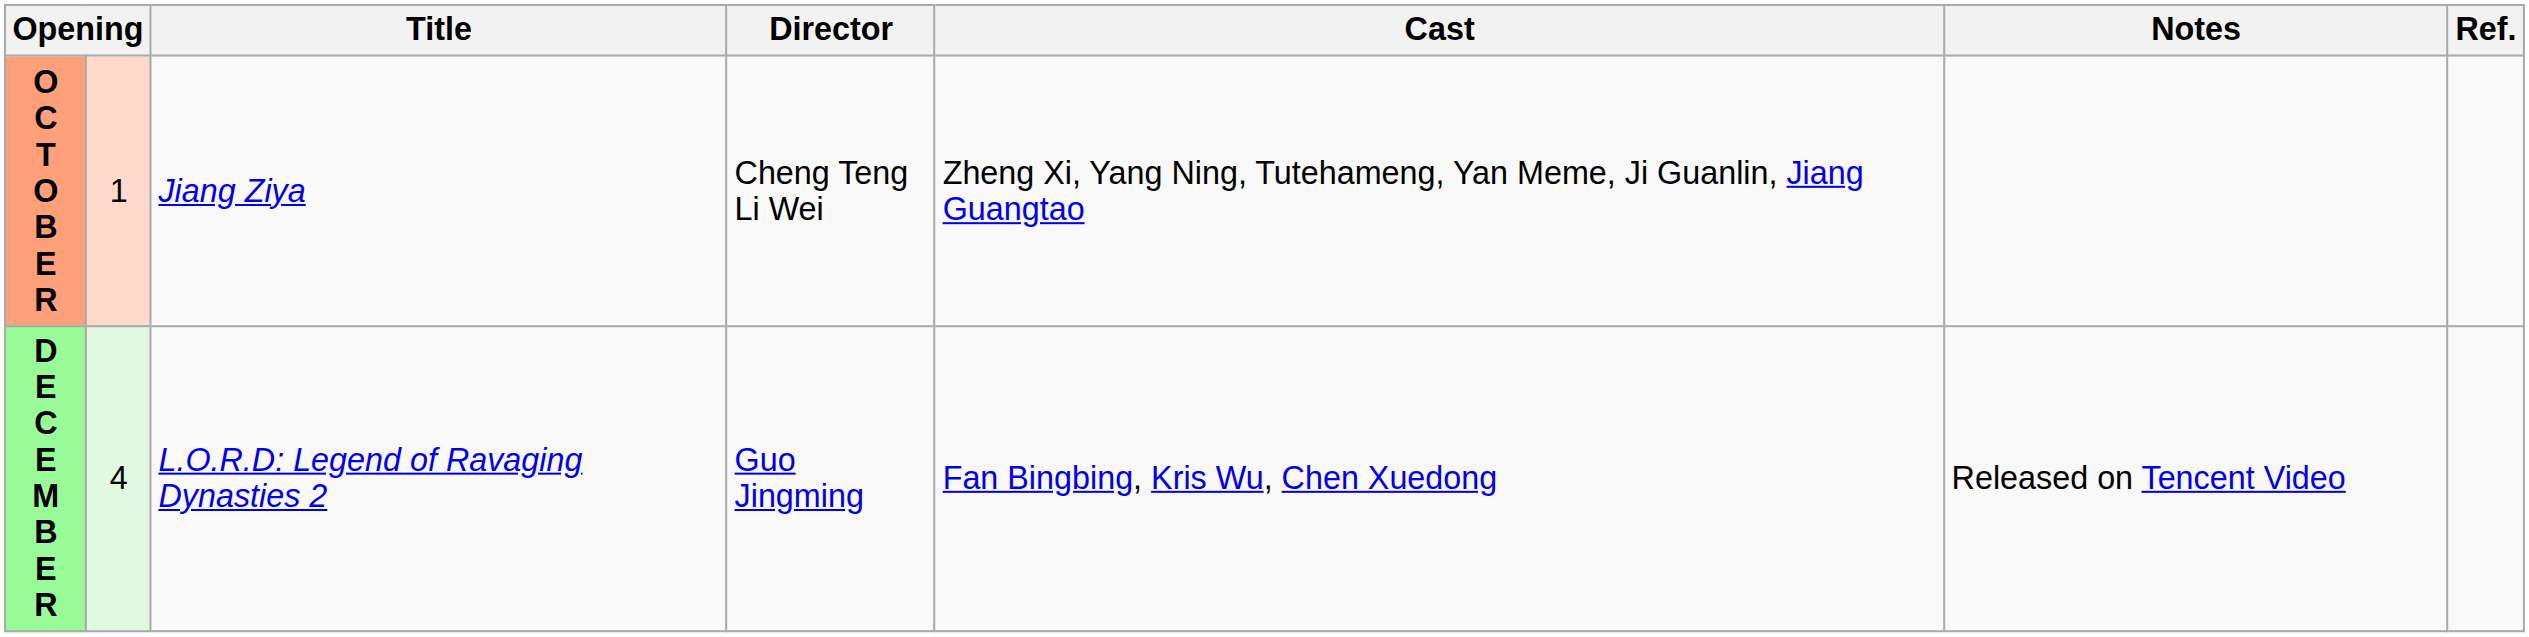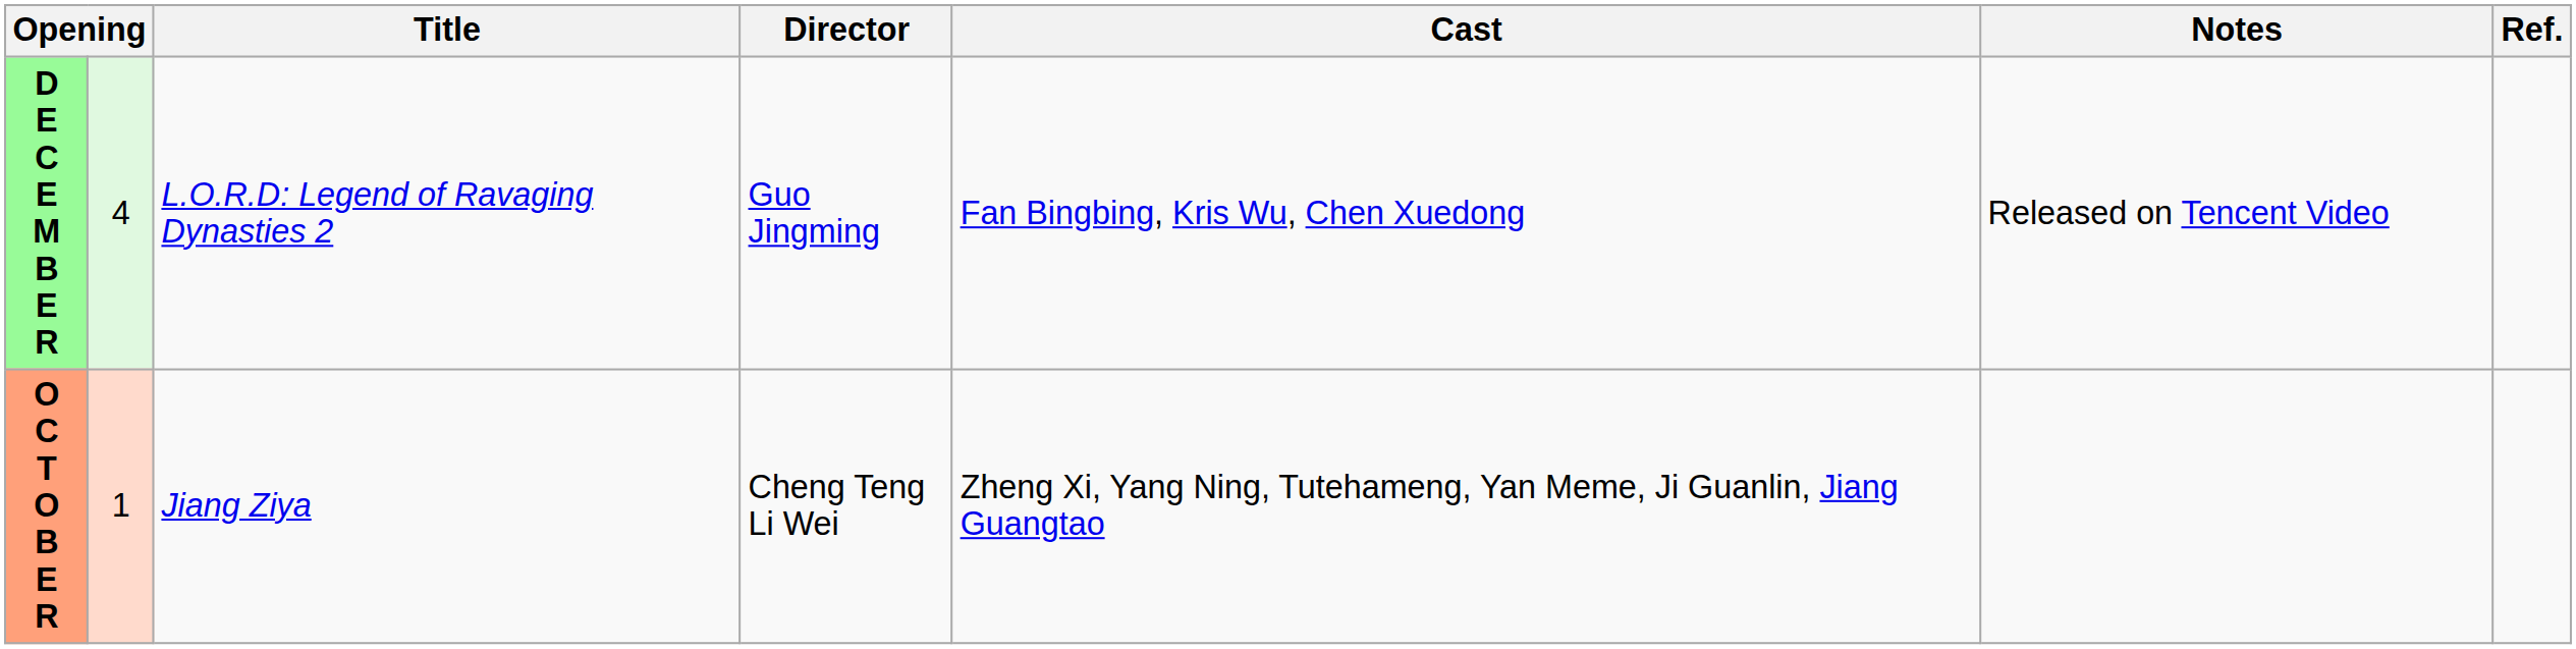 <table class="wikitable">
 <tr>
 <th colspan="2">Opening</th>
 <th>Title</th>
 <th>Director</th>
 <th>Cast</th>
 <th style="width:20%">Notes</th>
 <th>Ref.</th>
 </tr>
 <tr>
+<td style="text-align:center; background:#98fb98; textcolor:#000;"><strong>D<br>E<br>C<br>E<br>M<br>B<br>E<br>R</strong></td>
+<td style="text-align:center; background:#e0f9e0; textcolor:000;">4</td>
+<td><em><a href='#'>L.O.R.D: Legend of Ravaging Dynasties 2</a></em></td>
+<td><a href='#'>Guo Jingming</a></td>
+<td><a href='#'>Fan Bingbing</a>, <a href='#'>Kris Wu</a>, <a href='#'>Chen Xuedong</a></td>
+<td>Released on <a href='#'>Tencent Video</a></td>
+<td style="text-align:center;"></td>
+</tr>
+<tr>
 <td style="text-align:center; background:#ffa07a; textcolor:#000;"><strong>O<br>C<br>T<br>O<br>B<br>E<br>R</strong></td>
 <td style="text-align:center; background:#ffdacc; textcolor:#000;">1</td>
 <td><em><a href='#'>Jiang Ziya</a></em></td>
 <td>Cheng Teng <br> Li Wei</td>
 <td>Zheng Xi, Yang Ning, Tutehameng, Yan Meme, Ji Guanlin, <a href='#'>Jiang Guangtao</a></td>
 <td></td>
 <td style="text-align:center;"></td>
 </tr>
-<tr>
-<td style="text-align:center; background:#98fb98; textcolor:#000;"><strong>D<br>E<br>C<br>E<br>M<br>B<br>E<br>R</strong></td>
-<td style="text-align:center; background:#e0f9e0; textcolor:000;">4</td>
-<td><em><a href='#'>L.O.R.D: Legend of Ravaging Dynasties 2</a></em></td>
-<td><a href='#'>Guo Jingming</a></td>
-<td><a href='#'>Fan Bingbing</a>, <a href='#'>Kris Wu</a>, <a href='#'>Chen Xuedong</a></td>
-<td>Released on <a href='#'>Tencent Video</a></td>
-<td style="text-align:center;"></td>
-</tr>
 </table>
